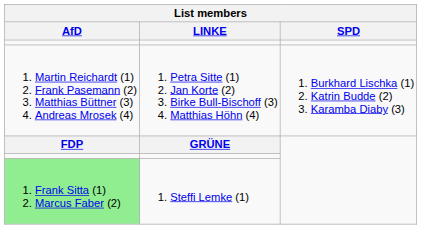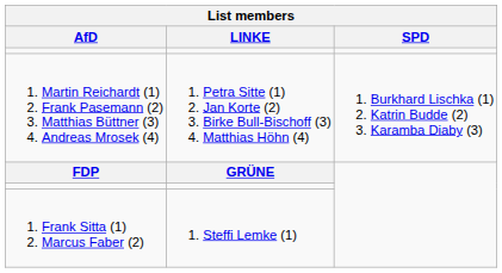 <table class=wikitable>
 <tr>
 <th colspan=3>List members</th>
 </tr>
 <tr>
 <th><a href='#'>AfD</a></th>
 <th><a href='#'>LINKE</a></th>
 <th><a href='#'>SPD</a></th>
 </tr>
 <tr>
 <td bgcolor=></td>
 <td bgcolor=></td>
 <td bgcolor=></td>
 </tr>
 <tr>
 <td><br><ol><li><a href='#'>Martin Reichardt</a> (1)</li><li><a href='#'>Frank Pasemann</a> (2)</li><li><a href='#'>Matthias Büttner</a> (3)</li><li><a href='#'>Andreas Mrosek</a> (4)</li></ol></td>
 <td><br><ol><li><a href='#'>Petra Sitte</a> (1)</li><li><a href='#'>Jan Korte</a> (2)</li><li><a href='#'>Birke Bull-Bischoff</a> (3)</li><li><a href='#'>Matthias Höhn</a> (4)</li></ol></td>
 <td><br><ol><li><a href='#'>Burkhard Lischka</a> (1)</li><li><a href='#'>Katrin Budde</a> (2)</li><li><a href='#'>Karamba Diaby</a> (3)</li></ol></td>
 </tr>
 <tr>
 <th><a href='#'>FDP</a></th>
 <th><a href='#'>GRÜNE</a></th>
 </tr>
 <tr>
 <td bgcolor=></td>
 <td bgcolor=></td>
 </tr>
 <tr>
-<td style="background: lightgreen;"><br><ol><li><a href='#'>Frank Sitta</a> (1)</li><li><a href='#'>Marcus Faber</a> (2)</li></ol></td>
+<td><br><ol><li><a href='#'>Frank Sitta</a> (1)</li><li><a href='#'>Marcus Faber</a> (2)</li></ol></td>
 <td><br><ol><li><a href='#'>Steffi Lemke</a> (1)</li></ol></td>
 </tr>
 </table>
